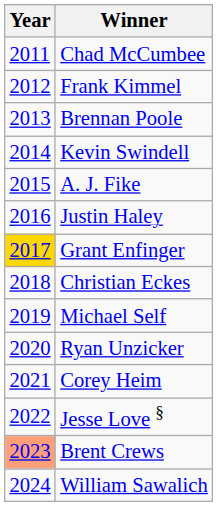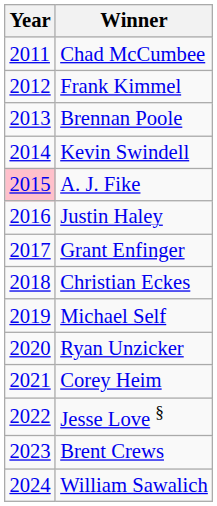 <table class="wikitable">
 <tr>
 <th>Year</th>
 <th>Winner</th>
 </tr>
 <tr>
 <td><a href='#'>2011</a></td>
 <td><a href='#'>Chad McCumbee</a></td>
 </tr>
 <tr>
 <td><a href='#'>2012</a></td>
 <td><a href='#'>Frank Kimmel</a></td>
 </tr>
 <tr>
 <td><a href='#'>2013</a></td>
 <td><a href='#'>Brennan Poole</a></td>
 </tr>
 <tr>
 <td><a href='#'>2014</a></td>
 <td><a href='#'>Kevin Swindell</a></td>
 </tr>
 <tr>
-<td><a href='#'>2015</a></td>
+<td style="background: pink;"><a href='#'>2015</a></td>
 <td><a href='#'>A. J. Fike</a></td>
 </tr>
 <tr>
 <td><a href='#'>2016</a></td>
 <td><a href='#'>Justin Haley</a></td>
 </tr>
 <tr>
-<td style="background: gold;"><a href='#'>2017</a></td>
+<td><a href='#'>2017</a></td>
 <td><a href='#'>Grant Enfinger</a></td>
 </tr>
 <tr>
 <td><a href='#'>2018</a></td>
 <td><a href='#'>Christian Eckes</a></td>
 </tr>
 <tr>
 <td><a href='#'>2019</a></td>
 <td><a href='#'>Michael Self</a></td>
 </tr>
 <tr>
 <td><a href='#'>2020</a></td>
 <td><a href='#'>Ryan Unzicker</a></td>
 </tr>
 <tr>
 <td><a href='#'>2021</a></td>
 <td><a href='#'>Corey Heim</a></td>
 </tr>
 <tr>
 <td><a href='#'>2022</a></td>
 <td><a href='#'>Jesse Love</a> <sup>§</sup></td>
 </tr>
 <tr>
-<td style="background: lightsalmon;"><a href='#'>2023</a></td>
+<td><a href='#'>2023</a></td>
 <td><a href='#'>Brent Crews</a></td>
 </tr>
 <tr>
 <td><a href='#'>2024</a></td>
 <td><a href='#'>William Sawalich</a></td>
 </tr>
 </table>
